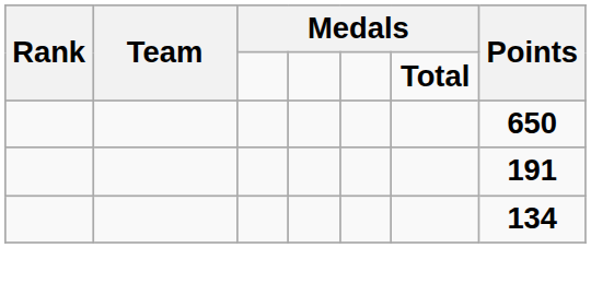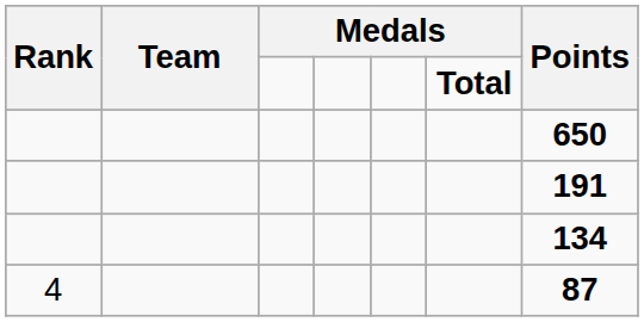 <table class="wikitable">
 <tr>
 <th rowspan=2>Rank</th>
 <th style="width:70px;" rowspan="2">Team</th>
 <th colspan=4>Medals</th>
 <th rowspan=2>Points</th>
 </tr>
 <tr style="text-align:center;">
 <td style="width:20px; "></td>
 <td style="width:20px; "></td>
 <td style="width:20px; "></td>
 <td style="width:40px; "><strong>Total</strong></td>
 </tr>
 <tr>
 <td align=center></td>
 <td></td>
 <td align=center></td>
 <td align=center></td>
 <td align=center></td>
 <td align=center></td>
 <td align=center><strong>650</strong></td>
 </tr>
 <tr>
 <td align=center></td>
 <td></td>
 <td align=center></td>
 <td align=center></td>
 <td align=center></td>
 <td align=center></td>
 <td align=center><strong>191</strong></td>
 </tr>
 <tr>
 <td align=center></td>
 <td></td>
 <td align=center></td>
 <td align=center></td>
 <td align=center></td>
 <td align=center></td>
 <td align=center><strong>134</strong></td>
 </tr>
+<tr>
+<td align=center>4</td>
+<td></td>
+<td align=center></td>
+<td align=center></td>
+<td align=center></td>
+<td align=center></td>
+<td align=center><strong>87</strong></td>
+</tr>
 </table>
